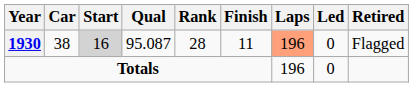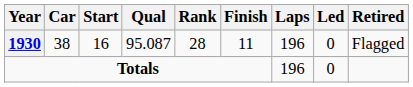 <table class="wikitable" style="text-align:center">
 <tr>
 <th>Year</th>
 <th>Car</th>
 <th>Start</th>
 <th>Qual</th>
 <th>Rank</th>
 <th>Finish</th>
 <th>Laps</th>
 <th>Led</th>
 <th>Retired</th>
 </tr>
 <tr>
 <th><a href='#'>1930</a></th>
 <td>38</td>
-<td style="background: lightgrey;">16</td>
+<td>16</td>
 <td>95.087</td>
 <td>28</td>
 <td>11</td>
-<td style="background: lightsalmon;">196</td>
+<td>196</td>
 <td>0</td>
 <td>Flagged</td>
 </tr>
 <tr>
 <td colspan=6><strong>Totals</strong></td>
 <td>196</td>
 <td>0</td>
 <td></td>
 </tr>
 </table>
